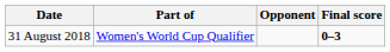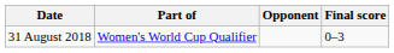 <table class="wikitable">
 <tr>
 <th>Date</th>
 <th>Part of</th>
 <th>Opponent</th>
 <th>Final score</th>
 </tr>
 <tr>
 <td>31 August 2018</td>
 <td><a href='#'>Women's World Cup Qualifier</a></td>
 <td rowspan=2></td>
-<td><strong>0–3</strong></td>
+<td>0–3</td>
 </tr>
 </table>
